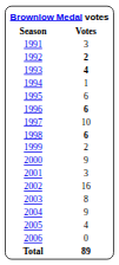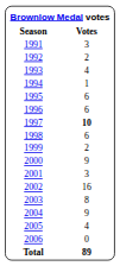 <table table style="margin-right: 4px; margin-top: 8px; float: right; border: 1px #000000 solid; border-radius: 8px; background: #FFFFFF; font-family: Verdana; font-size: 8pt; text-align: center;">
 <tr style="background:#FFFFFF;">
 <td colspan=2; style="padding: 3px; margin-bottom: -3px; margin-top: 2px; font-family: Arial; background:#FFFFFF;"><strong><a href='#'>Brownlow Medal</a> votes</strong></td>
 </tr>
 <tr>
 <th width=50%>Season</th>
 <th width=50%>Votes</th>
 </tr>
 <tr>
 <td><a href='#'>1991</a></td>
 <td>3</td>
 </tr>
 <tr>
 <td><a href='#'>1992</a></td>
-<td><strong>2</strong></td>
+<td>2</td>
 </tr>
 <tr>
 <td><a href='#'>1993</a></td>
-<td><strong>4</strong></td>
+<td>4</td>
 </tr>
 <tr>
 <td><a href='#'>1994</a></td>
 <td>1</td>
 </tr>
 <tr>
 <td><a href='#'>1995</a></td>
 <td>6</td>
 </tr>
 <tr>
 <td><a href='#'>1996</a></td>
-<td><strong>6</strong></td>
+<td>6</td>
 </tr>
 <tr>
 <td><a href='#'>1997</a></td>
-<td>10</td>
+<td><strong>10</strong></td>
 </tr>
 <tr>
 <td><a href='#'>1998</a></td>
-<td><strong>6</strong></td>
+<td>6</td>
 </tr>
 <tr>
 <td><a href='#'>1999</a></td>
 <td>2</td>
 </tr>
 <tr>
 <td><a href='#'>2000</a></td>
 <td>9</td>
 </tr>
 <tr>
 <td><a href='#'>2001</a></td>
 <td>3</td>
 </tr>
 <tr>
 <td><a href='#'>2002</a></td>
 <td>16</td>
 </tr>
 <tr>
 <td><a href='#'>2003</a></td>
 <td>8</td>
 </tr>
 <tr>
 <td><a href='#'>2004</a></td>
 <td>9</td>
 </tr>
 <tr>
 <td><a href='#'>2005</a></td>
 <td>4</td>
 </tr>
 <tr>
 <td><a href='#'>2006</a></td>
 <td>0</td>
 </tr>
 <tr>
 <td><strong>Total</strong></td>
 <td><strong>89</strong></td>
 </tr>
 </table>
